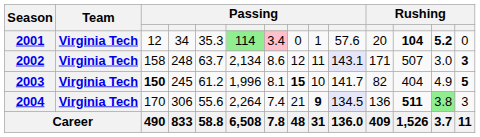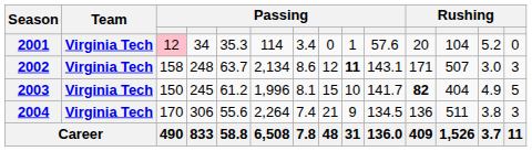 <table class="wikitable sortable" style="text-align:center;">
 <tr>
 <th rowspan="2">Season</th>
 <th rowspan="2">Team</th>
 <th colspan="8">Passing</th>
 <th colspan="4">Rushing</th>
 </tr>
 <tr>
 <th></th>
 <th></th>
 <th></th>
 <th></th>
 <th></th>
 <th></th>
 <th></th>
 <th></th>
 <th></th>
 <th></th>
 <th></th>
 <th></th>
 </tr>
 <tr>
 <th><a href='#'>2001</a></th>
 <th><a href='#'>Virginia Tech</a></th>
-<td>12</td>
+<td style="background: pink;">12</td>
 <td>34</td>
 <td>35.3</td>
-<td style="background: lightgreen;">114</td>
-<td style="background: pink;">3.4</td>
+<td>114</td>
+<td>3.4</td>
 <td>0</td>
 <td>1</td>
 <td>57.6</td>
 <td>20</td>
-<td><strong>104</strong></td>
-<td><strong>5.2</strong></td>
+<td>104</td>
+<td>5.2</td>
 <td>0</td>
 </tr>
 <tr>
 <th><a href='#'>2002</a></th>
 <th><a href='#'>Virginia Tech</a></th>
 <td>158</td>
 <td>248</td>
 <td>63.7</td>
 <td>2,134</td>
 <td>8.6</td>
 <td>12</td>
-<td>11</td>
-<td style="background: lavender;">143.1</td>
+<td><strong>11</strong></td>
+<td>143.1</td>
 <td>171</td>
 <td>507</td>
 <td>3.0</td>
-<td><strong>3</strong></td>
+<td>3</td>
 </tr>
 <tr>
 <th><a href='#'>2003</a></th>
 <th><a href='#'>Virginia Tech</a></th>
-<td><strong>150</strong></td>
+<td>150</td>
 <td>245</td>
 <td>61.2</td>
 <td>1,996</td>
 <td>8.1</td>
-<td><strong>15</strong></td>
+<td>15</td>
 <td>10</td>
 <td>141.7</td>
-<td>82</td>
+<td><strong>82</strong></td>
 <td>404</td>
 <td>4.9</td>
-<td><strong>5</strong></td>
+<td>5</td>
 </tr>
 <tr>
 <th><a href='#'>2004</a></th>
 <th><a href='#'>Virginia Tech</a></th>
 <td>170</td>
 <td>306</td>
 <td>55.6</td>
 <td>2,264</td>
 <td>7.4</td>
 <td>21</td>
-<td><strong>9</strong></td>
-<td style="background: lavender;">134.5</td>
+<td>9</td>
+<td>134.5</td>
 <td>136</td>
-<td><strong>511</strong></td>
-<td style="background: lightgreen;">3.8</td>
+<td>511</td>
+<td>3.8</td>
 <td>3</td>
 </tr>
 <tr>
 <th colspan="2">Career</th>
 <th>490</th>
 <th>833</th>
 <th>58.8</th>
 <th>6,508</th>
 <th>7.8</th>
 <th>48</th>
 <th>31</th>
 <th>136.0</th>
 <th>409</th>
 <th>1,526</th>
 <th>3.7</th>
 <th>11</th>
 </tr>
 </table>
